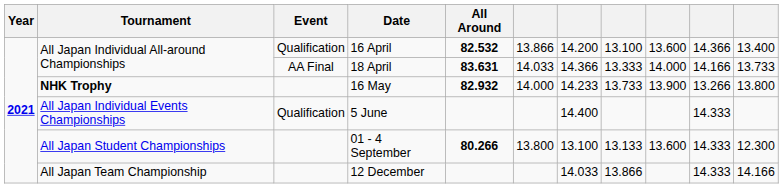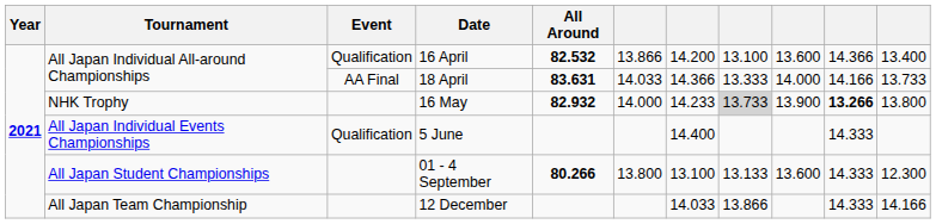 <table class="wikitable sortable" style="text-align:center; font-size:100%">
 <tr>
 <th style="width:20px;" class=unsortable>Year</th>
 <th style="width:300px;" class=unsortable>Tournament</th>
 <th style="width:30px;" class=unsortable>Event</th>
 <th style="width:120px;" class=unsortable>Date</th>
 <th scope="col" style="width:80px;">All Around</th>
 <th scope="col" style="width:50px;"></th>
 <th scope="col" style="width:50px;"></th>
 <th scope="col" style="width:50px;"></th>
 <th scope="col" style="width:50px;"></th>
 <th scope="col" style="width:50px;"></th>
 <th scope="col" style="width:50px;"></th>
 </tr>
 <tr>
 <td rowspan="6"><strong><a href='#'>2021</a></strong></td>
 <td rowspan="2" align=left>All Japan Individual All-around Championships</td>
 <td>Qualification</td>
 <td align=left>16 April</td>
 <td><strong>82.532</strong></td>
 <td>13.866</td>
 <td>14.200</td>
 <td>13.100</td>
 <td>13.600</td>
 <td>14.366</td>
 <td>13.400</td>
 </tr>
 <tr>
 <td>AA Final</td>
 <td align=left>18 April</td>
 <td><strong>83.631</strong></td>
 <td>14.033</td>
 <td>14.366</td>
 <td>13.333</td>
 <td>14.000</td>
 <td>14.166</td>
 <td>13.733</td>
 </tr>
 <tr>
-<td align=left><strong>NHK Trophy</strong></td>
+<td align=left>NHK Trophy</td>
 <td></td>
 <td align=left>16 May</td>
 <td><strong>82.932</strong></td>
 <td>14.000</td>
 <td>14.233</td>
-<td>13.733</td>
+<td style="background: lightgrey;">13.733</td>
 <td>13.900</td>
-<td>13.266</td>
+<td><strong>13.266</strong></td>
 <td>13.800</td>
 </tr>
 <tr>
 <td align=left><a href='#'>All Japan Individual Events Championships</a></td>
 <td>Qualification</td>
 <td align=left>5 June</td>
 <td></td>
 <td></td>
 <td>14.400</td>
 <td></td>
 <td></td>
 <td>14.333</td>
 <td></td>
 </tr>
 <tr>
 <td align=left><a href='#'>All Japan Student Championships</a></td>
 <td></td>
 <td align=left>01 - 4 September</td>
 <td><strong>80.266</strong></td>
 <td>13.800</td>
 <td>13.100</td>
 <td>13.133</td>
 <td>13.600</td>
 <td>14.333</td>
 <td>12.300</td>
 </tr>
 <tr>
 <td align=left>All Japan Team Championship</td>
 <td></td>
 <td align=left>12 December</td>
 <td></td>
 <td></td>
 <td>14.033</td>
 <td>13.866</td>
 <td></td>
 <td>14.333</td>
 <td>14.166</td>
 </tr>
 </table>
